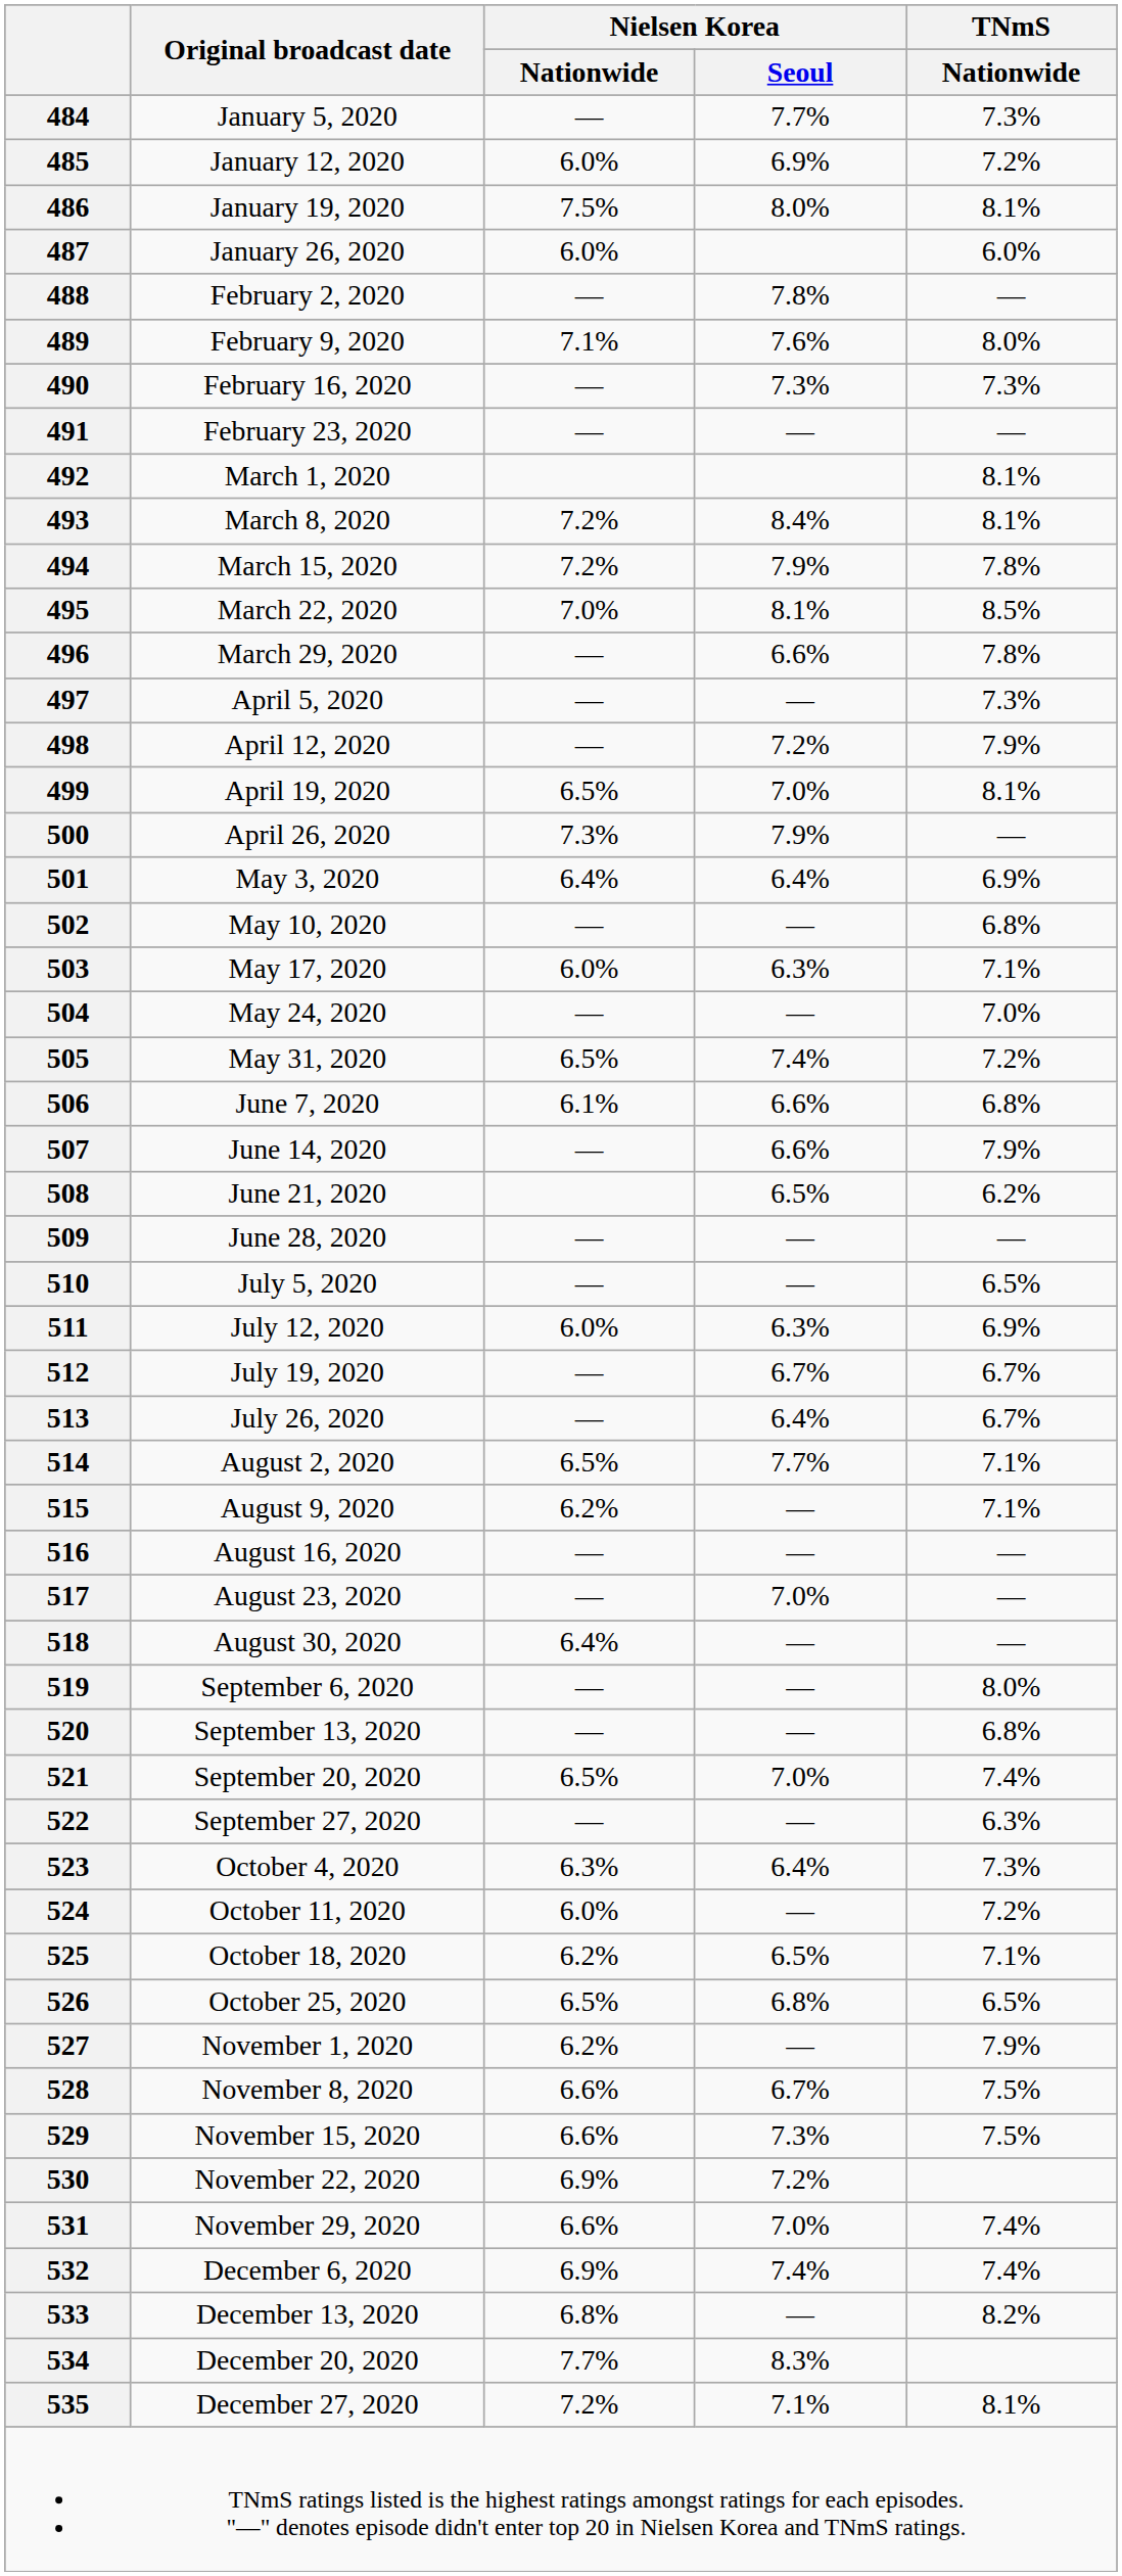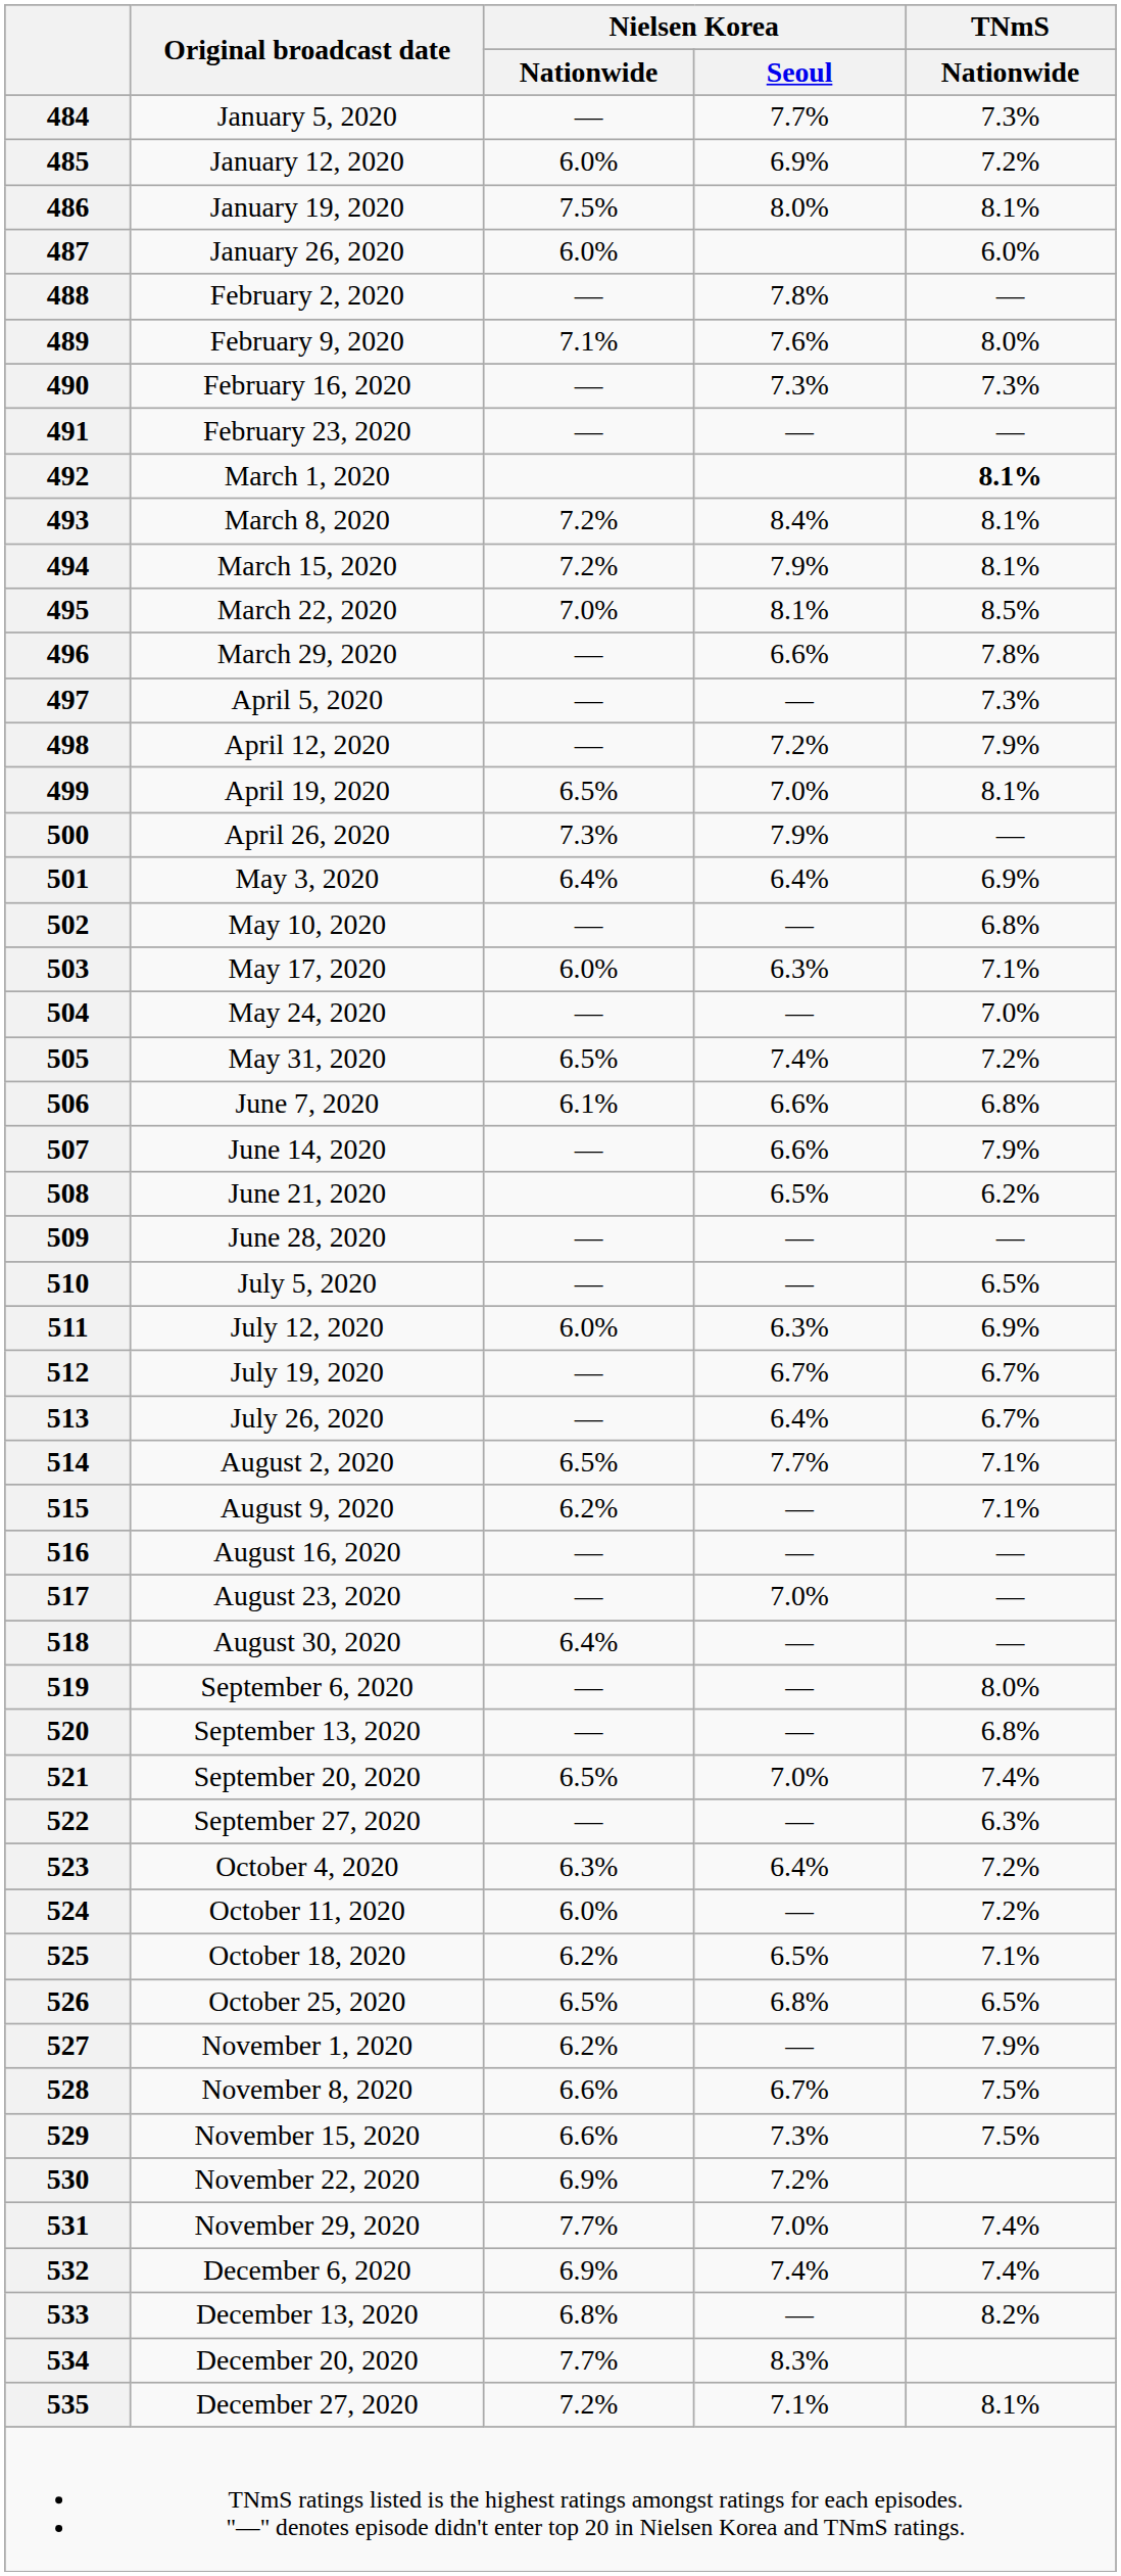 <table class="wikitable sortable" style="text-align:center">
 <tr>
 <th scope="col" rowspan="2" style="width:4em"></th>
 <th scope="col" rowspan="2" style="width:12em">Original broadcast date</th>
 <th scope="col" colspan="2">Nielsen Korea</th>
 <th scope="col">TNmS</th>
 </tr>
 <tr>
 <th scope="col" style="width:7em">Nationwide</th>
 <th scope="col" style="width:7em"><a href='#'>Seoul</a></th>
 <th scope="col" style="width:7em">Nationwide</th>
 </tr>
 <tr>
 <th scope="col">484</th>
 <td>January 5, 2020</td>
 <td>—</td>
 <td>7.7% </td>
 <td>7.3% </td>
 </tr>
 <tr>
 <th scope="col">485</th>
 <td>January 12, 2020</td>
 <td>6.0% </td>
 <td>6.9% </td>
 <td>7.2% </td>
 </tr>
 <tr>
 <th scope="col">486</th>
 <td>January 19, 2020</td>
 <td>7.5% </td>
 <td>8.0% </td>
 <td>8.1% </td>
 </tr>
 <tr>
 <th scope="col">487</th>
 <td>January 26, 2020</td>
 <td>6.0% </td>
 <td><strong></strong> </td>
 <td>6.0% </td>
 </tr>
 <tr>
 <th scope="col">488</th>
 <td>February 2, 2020</td>
 <td>—</td>
 <td>7.8% </td>
 <td>—</td>
 </tr>
 <tr>
 <th scope="col">489</th>
 <td>February 9, 2020</td>
 <td>7.1% </td>
 <td>7.6% </td>
 <td>8.0% </td>
 </tr>
 <tr>
 <th scope="col">490</th>
 <td>February 16, 2020</td>
 <td>—</td>
 <td>7.3% </td>
 <td>7.3% </td>
 </tr>
 <tr>
 <th scope="col">491</th>
 <td>February 23, 2020</td>
 <td>—</td>
 <td>—</td>
 <td>—</td>
 </tr>
 <tr>
 <th scope="col">492</th>
 <td>March 1, 2020</td>
 <td><strong></strong> </td>
 <td><strong></strong> </td>
-<td>8.1% </td>
+<td><strong>8.1% </strong></td>
 </tr>
 <tr>
 <th scope="col">493</th>
 <td>March 8, 2020</td>
 <td>7.2% </td>
 <td>8.4% </td>
 <td>8.1% </td>
 </tr>
 <tr>
 <th scope="col">494</th>
 <td>March 15, 2020</td>
 <td>7.2% </td>
 <td>7.9% </td>
-<td>7.8% </td>
+<td>8.1% </td>
 </tr>
 <tr>
 <th scope="col">495</th>
 <td>March 22, 2020</td>
 <td>7.0% </td>
 <td>8.1% </td>
 <td>8.5% </td>
 </tr>
 <tr>
 <th scope="col">496</th>
 <td>March 29, 2020</td>
 <td>—</td>
 <td>6.6% </td>
 <td>7.8% </td>
 </tr>
 <tr>
 <th scope="col">497</th>
 <td>April 5, 2020</td>
 <td>—</td>
 <td>—</td>
 <td>7.3% </td>
 </tr>
 <tr>
 <th scope="col">498</th>
 <td>April 12, 2020</td>
 <td>—</td>
 <td>7.2% </td>
 <td>7.9% </td>
 </tr>
 <tr>
 <th scope="col">499</th>
 <td>April 19, 2020</td>
 <td>6.5% </td>
 <td>7.0% </td>
 <td>8.1% </td>
 </tr>
 <tr>
 <th scope="col">500</th>
 <td>April 26, 2020</td>
 <td>7.3% </td>
 <td>7.9% </td>
 <td>—</td>
 </tr>
 <tr>
 <th scope="col">501</th>
 <td>May 3, 2020</td>
 <td>6.4% </td>
 <td>6.4% </td>
 <td>6.9% </td>
 </tr>
 <tr>
 <th scope="col">502</th>
 <td>May 10, 2020</td>
 <td>—</td>
 <td>—</td>
 <td>6.8% </td>
 </tr>
 <tr>
 <th scope="col">503</th>
 <td>May 17, 2020</td>
 <td>6.0% </td>
 <td>6.3% </td>
 <td>7.1% </td>
 </tr>
 <tr>
 <th scope="col">504</th>
 <td>May 24, 2020</td>
 <td>—</td>
 <td>—</td>
 <td>7.0% </td>
 </tr>
 <tr>
 <th scope="col">505</th>
 <td>May 31, 2020</td>
 <td>6.5% </td>
 <td>7.4% </td>
 <td>7.2% </td>
 </tr>
 <tr>
 <th scope="col">506</th>
 <td>June 7, 2020</td>
 <td>6.1% </td>
 <td>6.6% </td>
 <td>6.8% </td>
 </tr>
 <tr>
 <th scope="col">507</th>
 <td>June 14, 2020</td>
 <td>—</td>
 <td>6.6% </td>
 <td>7.9% </td>
 </tr>
 <tr>
 <th scope="col">508</th>
 <td>June 21, 2020</td>
 <td><strong></strong> </td>
 <td>6.5% </td>
 <td>6.2% </td>
 </tr>
 <tr>
 <th scope="col">509</th>
 <td>June 28, 2020</td>
 <td>—</td>
 <td>—</td>
 <td>—</td>
 </tr>
 <tr>
 <th scope="col">510</th>
 <td>July 5, 2020</td>
 <td>—</td>
 <td>—</td>
 <td>6.5% </td>
 </tr>
 <tr>
 <th scope="col">511</th>
 <td>July 12, 2020</td>
 <td>6.0% </td>
 <td>6.3% </td>
 <td>6.9% </td>
 </tr>
 <tr>
 <th scope="col">512</th>
 <td>July 19, 2020</td>
 <td>—</td>
 <td>6.7% </td>
 <td>6.7% </td>
 </tr>
 <tr>
 <th scope="col">513</th>
 <td>July 26, 2020</td>
 <td>—</td>
 <td>6.4% </td>
 <td>6.7% </td>
 </tr>
 <tr>
 <th scope="col">514</th>
 <td>August 2, 2020</td>
 <td>6.5% </td>
 <td>7.7% </td>
 <td>7.1% </td>
 </tr>
 <tr>
 <th scope="col">515</th>
 <td>August 9, 2020</td>
 <td>6.2% </td>
 <td>—</td>
 <td>7.1% </td>
 </tr>
 <tr>
 <th scope="col">516</th>
 <td>August 16, 2020</td>
 <td>—</td>
 <td>—</td>
 <td>—</td>
 </tr>
 <tr>
 <th scope="col">517</th>
 <td>August 23, 2020</td>
 <td>—</td>
 <td>7.0% </td>
 <td>—</td>
 </tr>
 <tr>
 <th scope="col">518</th>
 <td>August 30, 2020</td>
 <td>6.4% </td>
 <td>—</td>
 <td>—</td>
 </tr>
 <tr>
 <th scope="col">519</th>
 <td>September 6, 2020</td>
 <td>—</td>
 <td>—</td>
 <td>8.0% </td>
 </tr>
 <tr>
 <th scope="col">520</th>
 <td>September 13, 2020</td>
 <td>—</td>
 <td>—</td>
 <td>6.8% </td>
 </tr>
 <tr>
 <th scope="col">521</th>
 <td>September 20, 2020</td>
 <td>6.5% </td>
 <td>7.0% </td>
 <td>7.4% </td>
 </tr>
 <tr>
 <th scope="col">522</th>
 <td>September 27, 2020</td>
 <td>—</td>
 <td>—</td>
 <td>6.3% </td>
 </tr>
 <tr>
 <th scope="col">523</th>
 <td>October 4, 2020</td>
 <td>6.3% </td>
 <td>6.4% </td>
-<td>7.3% </td>
+<td>7.2% </td>
 </tr>
 <tr>
 <th scope="col">524</th>
 <td>October 11, 2020</td>
 <td>6.0% </td>
 <td>—</td>
 <td>7.2% </td>
 </tr>
 <tr>
 <th scope="col">525</th>
 <td>October 18, 2020</td>
 <td>6.2% </td>
 <td>6.5% </td>
 <td>7.1% </td>
 </tr>
 <tr>
 <th scope="col">526</th>
 <td>October 25, 2020</td>
 <td>6.5% </td>
 <td>6.8% </td>
 <td>6.5% </td>
 </tr>
 <tr>
 <th scope="col">527</th>
 <td>November 1, 2020</td>
 <td>6.2% </td>
 <td>—</td>
 <td>7.9% </td>
 </tr>
 <tr>
 <th scope="col">528</th>
 <td>November 8, 2020</td>
 <td>6.6% </td>
 <td>6.7% </td>
 <td>7.5% </td>
 </tr>
 <tr>
 <th scope="col">529</th>
 <td>November 15, 2020</td>
 <td>6.6% </td>
 <td>7.3% </td>
 <td>7.5% </td>
 </tr>
 <tr>
 <th scope="col">530</th>
 <td>November 22, 2020</td>
 <td>6.9% </td>
 <td>7.2% </td>
 <td><strong></strong> </td>
 </tr>
 <tr>
 <th scope="col">531</th>
 <td>November 29, 2020</td>
-<td>6.6% </td>
+<td>7.7% </td>
 <td>7.0% </td>
 <td>7.4% </td>
 </tr>
 <tr>
 <th scope="col">532</th>
 <td>December 6, 2020</td>
 <td>6.9% </td>
 <td>7.4% </td>
 <td>7.4% </td>
 </tr>
 <tr>
 <th scope="col">533</th>
 <td>December 13, 2020</td>
 <td>6.8% </td>
 <td>—</td>
 <td>8.2% </td>
 </tr>
 <tr>
 <th scope="col">534</th>
 <td>December 20, 2020</td>
 <td>7.7% </td>
 <td>8.3% </td>
 <td><strong></strong> </td>
 </tr>
 <tr>
 <th scope="col">535</th>
 <td>December 27, 2020</td>
 <td>7.2% </td>
 <td>7.1% </td>
 <td>8.1% </td>
 </tr>
 <tr>
 <td colspan="5" style="font-size:85%; text-center:left"><br><ul><li>TNmS ratings listed is the highest ratings amongst ratings for each episodes.</li><li>"—" denotes episode didn't enter top 20 in Nielsen Korea and TNmS ratings.</li></ul></td>
 </tr>
 <tr>
 </tr>
 </table>
